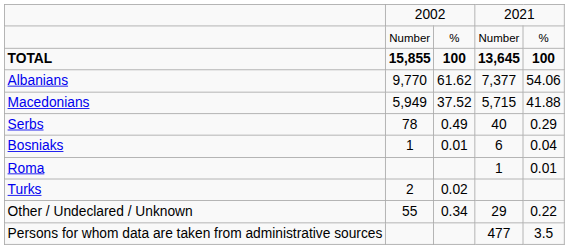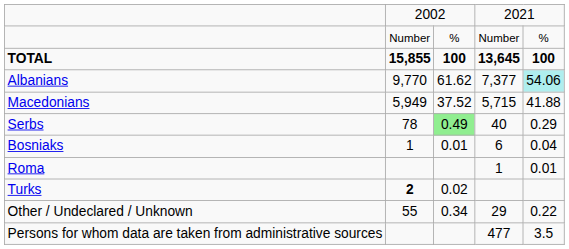 <table class="wikitable">
 <tr>
 <td></td>
 <td colspan="2" align="center">2002</td>
 <td colspan="2" align="center">2021</td>
 </tr>
 <tr>
 <td></td>
 <td align="center"><small>Number</small></td>
 <td align="center"><small>%</small></td>
 <td align="center"><small>Number</small></td>
 <td align="center"><small>%</small></td>
 </tr>
 <tr>
 <td><strong>TOTAL</strong></td>
 <td align="center"><strong>15,855</strong></td>
 <td align="center"><strong>100</strong></td>
 <td align="center"><strong>13,645</strong></td>
 <td align="center"><strong>100</strong></td>
 </tr>
 <tr>
 <td><a href='#'>Albanians</a></td>
 <td align="center">9,770</td>
 <td align="center">61.62</td>
 <td align="center">7,377</td>
-<td align="center">54.06</td>
+<td align="center" style="background: paleturquoise;">54.06</td>
 </tr>
 <tr>
 <td><a href='#'>Macedonians</a></td>
 <td align="center">5,949</td>
 <td align="center">37.52</td>
 <td align="center">5,715</td>
 <td align="center">41.88</td>
 </tr>
 <tr>
 <td><a href='#'>Serbs</a></td>
 <td align="center">78</td>
-<td align="center">0.49</td>
+<td align="center" style="background: lightgreen;">0.49</td>
 <td align="center">40</td>
 <td align="center">0.29</td>
 </tr>
 <tr>
 <td><a href='#'>Bosniaks</a></td>
 <td align="center">1</td>
 <td align="center">0.01</td>
 <td align="center">6</td>
 <td align="center">0.04</td>
 </tr>
 <tr>
 <td><a href='#'>Roma</a></td>
 <td align="center"></td>
 <td align="center"></td>
 <td align="center">1</td>
 <td align="center">0.01</td>
 </tr>
 <tr>
 <td><a href='#'>Turks</a></td>
-<td align="center">2</td>
+<td align="center"><strong>2</strong></td>
 <td align="center">0.02</td>
 <td align="center"></td>
 <td align="center"></td>
 </tr>
 <tr>
 <td>Other / Undeclared / Unknown</td>
 <td align="center">55</td>
 <td align="center">0.34</td>
 <td align="center">29</td>
 <td align="center">0.22</td>
 </tr>
 <tr>
 <td>Persons for whom data are taken from administrative sources</td>
 <td align="center"></td>
 <td align="center"></td>
 <td align="center">477</td>
 <td align="center">3.5</td>
 </tr>
 </table>
